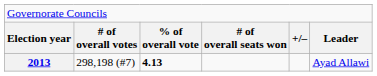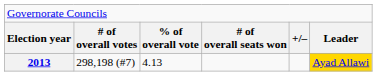 <table class=wikitable>
 <tr>
 <td colspan=6><a href='#'>Governorate Councils</a></td>
 </tr>
 <tr>
 <th>Election year</th>
 <th># of<br>overall votes</th>
 <th>% of<br>overall vote</th>
 <th># of<br>overall seats won</th>
 <th>+/–</th>
 <th>Leader</th>
 </tr>
 <tr>
 <th rowspan=2><a href='#'>2013</a></th>
 <td>298,198 (#7)</td>
-<td><strong>4.13</strong></td>
+<td>4.13</td>
 <td></td>
 <td></td>
-<td><a href='#'>Ayad Allawi</a></td>
+<td style="background: gold;"><a href='#'>Ayad Allawi</a></td>
 </tr>
 </table>
